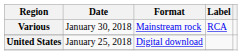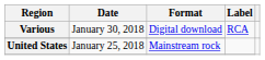 <table class="wikitable plainrowheaders">
 <tr>
 <th scope="col">Region</th>
 <th>Date</th>
 <th>Format</th>
 <th>Label</th>
 <th></th>
 </tr>
 <tr>
 <th scope="row">Various</th>
 <td>January 30, 2018</td>
-<td><a href='#'>Mainstream rock</a></td>
+<td><a href='#'>Digital download</a></td>
 <td rowspan="2"><a href='#'>RCA</a></td>
 <td align="center"></td>
 </tr>
 <tr>
 </tr>
 <tr>
 <th scope="row">United States</th>
 <td>January 25, 2018</td>
-<td><a href='#'>Digital download</a></td>
+<td><a href='#'>Mainstream rock</a></td>
 <td align="center"></td>
 </tr>
 <tr>
 </tr>
 </table>
